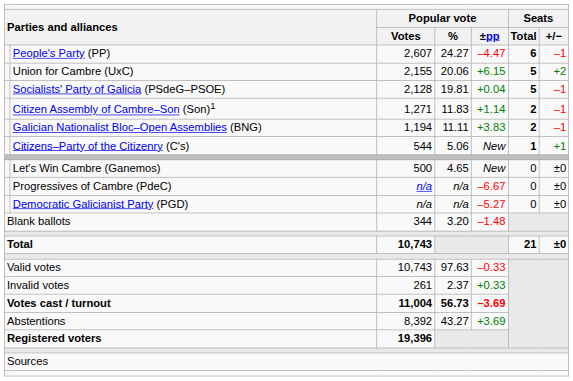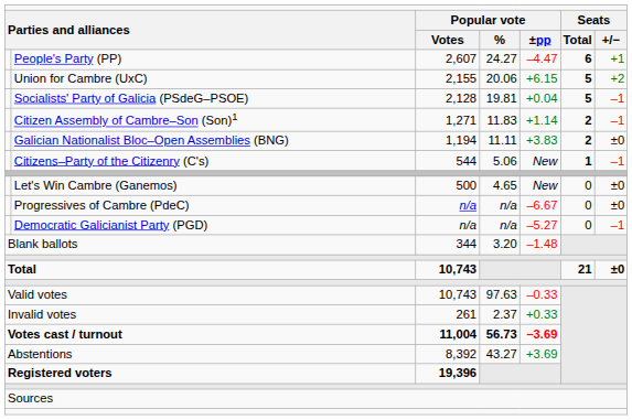 <table class="wikitable" style="text-align:right;">
 <tr>
 <td colspan="7"></td>
 </tr>
 <tr>
 <th style="text-align:left;" rowspan="2" colspan="2" width="525">Parties and alliances</th>
 <th colspan="3">Popular vote</th>
 <th colspan="2">Seats</th>
 </tr>
 <tr>
 <th width="75">Votes</th>
 <th width="45">%</th>
 <th width="45">±<a href='#'>pp</a></th>
 <th width="35">Total</th>
 <th width="35">+/−</th>
 </tr>
 <tr>
 <td width="1" style="color:inherit;background:"></td>
 <td align="left"><a href='#'>People's Party</a> (PP)</td>
 <td>2,607</td>
 <td>24.27</td>
 <td style="color:red;">–4.47</td>
 <td><strong>6</strong></td>
-<td style="color:red;">–1</td>
+<td style="color:green;">+1</td>
 </tr>
 <tr>
 <td style="color:inherit;background:"></td>
 <td align="left">Union for Cambre (UxC)</td>
 <td>2,155</td>
 <td>20.06</td>
 <td style="color:green;">+6.15</td>
 <td><strong>5</strong></td>
 <td style="color:green;">+2</td>
 </tr>
 <tr>
 <td style="color:inherit;background:"></td>
 <td align="left"><a href='#'>Socialists' Party of Galicia</a> (PSdeG–PSOE)</td>
 <td>2,128</td>
 <td>19.81</td>
 <td style="color:green;">+0.04</td>
 <td><strong>5</strong></td>
 <td style="color:red;">–1</td>
 </tr>
 <tr>
 <td style="color:inherit;background:"></td>
 <td align="left"><a href='#'>Citizen Assembly of Cambre–Son</a> (Son)<sup>1</sup></td>
 <td>1,271</td>
 <td>11.83</td>
 <td style="color:green;">+1.14</td>
 <td><strong>2</strong></td>
 <td style="color:red;">–1</td>
 </tr>
 <tr>
 <td style="color:inherit;background:"></td>
 <td align="left"><a href='#'>Galician Nationalist Bloc–Open Assemblies</a> (BNG)</td>
 <td>1,194</td>
 <td>11.11</td>
 <td style="color:green;">+3.83</td>
 <td><strong>2</strong></td>
-<td style="color:red;">–1</td>
+<td>±0</td>
 </tr>
 <tr>
 <td style="color:inherit;background:"></td>
 <td align="left"><a href='#'>Citizens–Party of the Citizenry</a> (C's)</td>
 <td>544</td>
 <td>5.06</td>
 <td><em>New</em></td>
 <td><strong>1</strong></td>
-<td style="color:green;">+1</td>
+<td style="color:red;">–1</td>
 </tr>
 <tr>
 <td colspan="7" bgcolor="#C0C0C0"></td>
 </tr>
 <tr>
 <td style="color:inherit;background:"></td>
 <td align="left">Let's Win Cambre (Ganemos)</td>
 <td>500</td>
 <td>4.65</td>
 <td><em>New</em></td>
 <td>0</td>
 <td>±0</td>
 </tr>
 <tr>
 <td style="color:inherit;background:"></td>
 <td align="left">Progressives of Cambre (PdeC)</td>
 <td><em><a href='#'>n/a</a></em></td>
 <td><em>n/a</em></td>
 <td style="color:red;">–6.67</td>
 <td>0</td>
 <td>±0</td>
 </tr>
 <tr>
 <td style="color:inherit;background:"></td>
 <td align="left"><a href='#'>Democratic Galicianist Party</a> (PGD)</td>
 <td><em>n/a</em></td>
 <td><em>n/a</em></td>
 <td style="color:red;">–5.27</td>
 <td>0</td>
-<td>±0</td>
+<td style="color:red;">–1</td>
 </tr>
 <tr>
 <td align="left" colspan="2">Blank ballots</td>
 <td>344</td>
 <td>3.20</td>
 <td style="color:red;">–1.48</td>
 <td bgcolor="#E9E9E9" colspan="2"></td>
 </tr>
 <tr>
 <td colspan="7" bgcolor="#E9E9E9"></td>
 </tr>
 <tr style="font-weight:bold;">
 <td align="left" colspan="2">Total</td>
 <td>10,743</td>
 <td bgcolor="#E9E9E9" colspan="2"></td>
 <td>21</td>
 <td>±0</td>
 </tr>
 <tr>
 <td colspan="7" bgcolor="#E9E9E9"></td>
 </tr>
 <tr>
 <td align="left" colspan="2">Valid votes</td>
 <td>10,743</td>
 <td>97.63</td>
 <td style="color:red;">–0.33</td>
 <td bgcolor="#E9E9E9" colspan="2" rowspan="5"></td>
 </tr>
 <tr>
 <td align="left" colspan="2">Invalid votes</td>
 <td>261</td>
 <td>2.37</td>
 <td style="color:green;">+0.33</td>
 </tr>
 <tr style="font-weight:bold;">
 <td align="left" colspan="2">Votes cast / turnout</td>
 <td>11,004</td>
 <td>56.73</td>
 <td style="color:red;">–3.69</td>
 </tr>
 <tr>
 <td align="left" colspan="2">Abstentions</td>
 <td>8,392</td>
 <td>43.27</td>
 <td style="color:green;">+3.69</td>
 </tr>
 <tr style="font-weight:bold;">
 <td align="left" colspan="2">Registered voters</td>
 <td>19,396</td>
 <td bgcolor="#E9E9E9" colspan="2"></td>
 </tr>
 <tr>
 <td colspan="7" bgcolor="#E9E9E9"></td>
 </tr>
 <tr>
 <td align="left" colspan="7">Sources</td>
 </tr>
 <tr>
 <td colspan="7" style="text-align:left; max-width:790px;"></td>
 </tr>
 </table>
